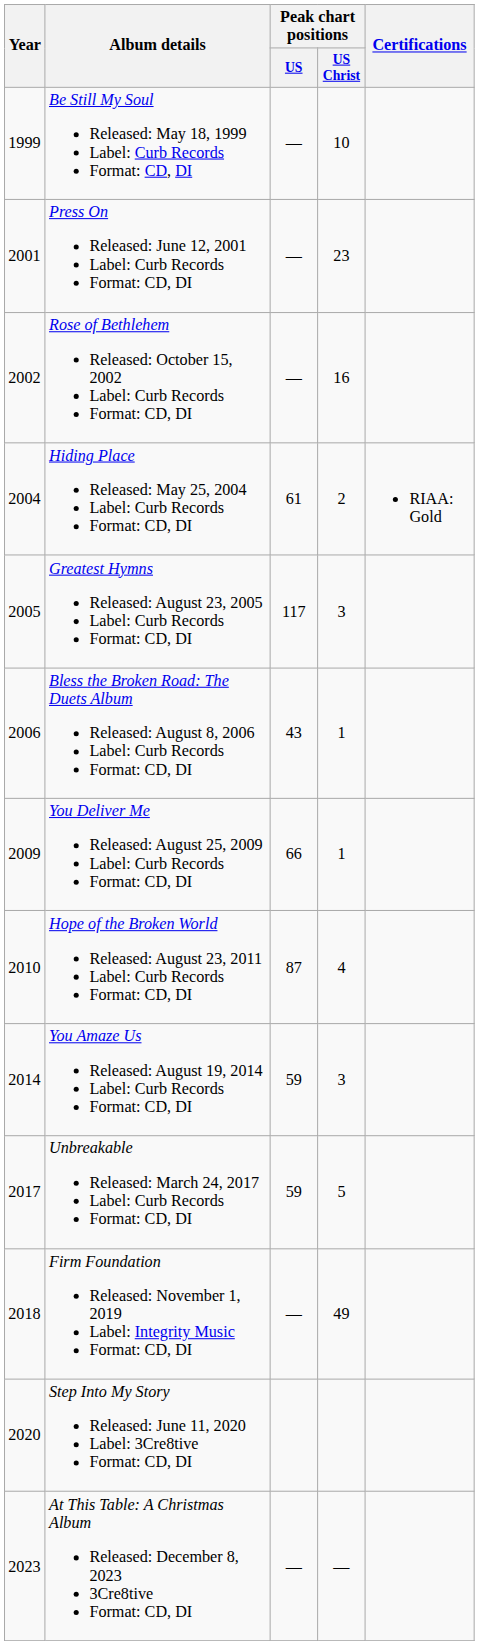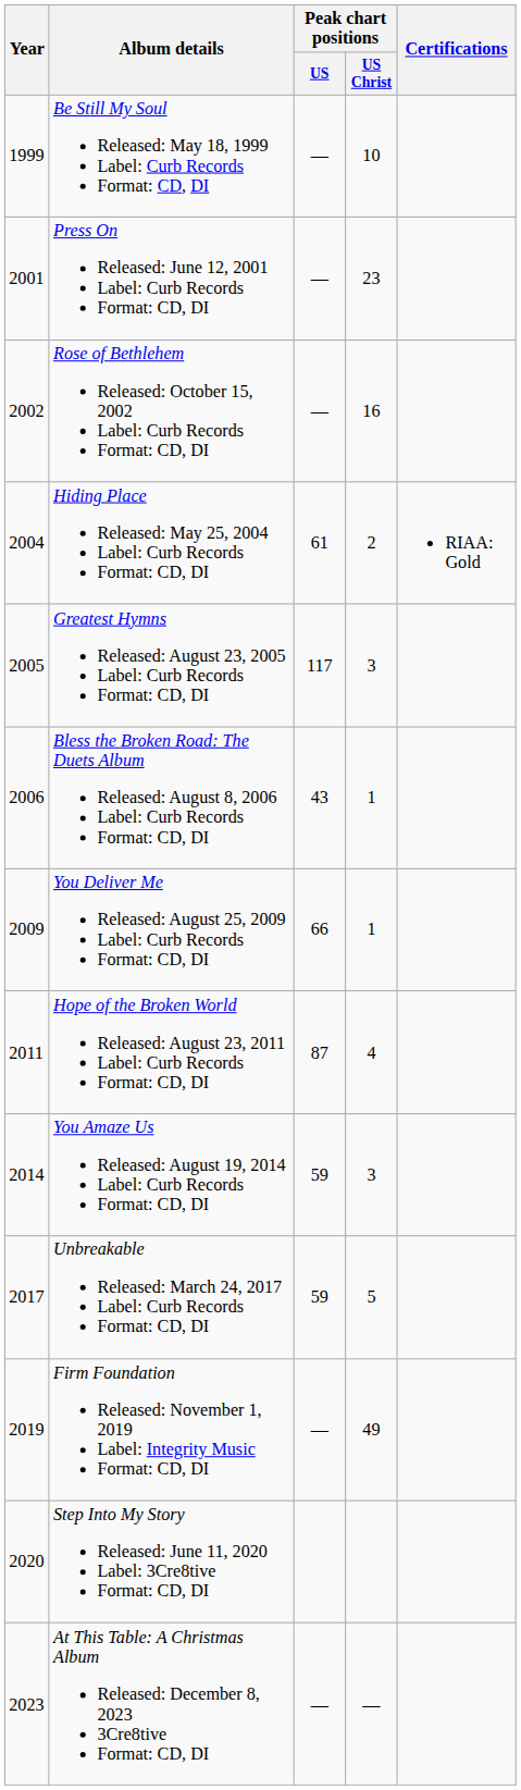 <table class="wikitable">
 <tr>
 <th rowspan="2" width="33">Year</th>
 <th rowspan="2" width="215">Album details</th>
 <th colspan="2">Peak chart positions</th>
 <th rowspan="2" width="100"><a href='#'>Certifications</a></th>
 </tr>
 <tr>
 <th scope="col" style="width:3em;font-size:85%;"><a href='#'>US</a><br></th>
 <th scope="col" style="width:3em;font-size:85%;"><a href='#'>US<br> Christ</a><br></th>
 </tr>
 <tr>
 <td>1999</td>
 <td><em><a href='#'>Be Still My Soul</a></em><br><ul><li>Released: May 18, 1999</li><li>Label: <a href='#'>Curb Records</a></li><li>Format: <a href='#'>CD</a>, <a href='#'>DI</a></li></ul></td>
 <td align="center">—</td>
 <td align="center">10</td>
 <td></td>
 </tr>
 <tr>
 <td>2001</td>
 <td><em><a href='#'>Press On</a></em><br><ul><li>Released: June 12, 2001</li><li>Label: Curb Records</li><li>Format: CD, DI</li></ul></td>
 <td align="center">—</td>
 <td align="center">23</td>
 <td></td>
 </tr>
 <tr>
 <td>2002</td>
 <td><em><a href='#'>Rose of Bethlehem</a></em><br><ul><li>Released: October 15, 2002</li><li>Label: Curb Records</li><li>Format: CD, DI</li></ul></td>
 <td align="center">—</td>
 <td align="center">16</td>
 <td></td>
 </tr>
 <tr>
 <td>2004</td>
 <td><em><a href='#'>Hiding Place</a></em><br><ul><li>Released: May 25, 2004</li><li>Label: Curb Records</li><li>Format: CD, DI</li></ul></td>
 <td align="center">61</td>
 <td align="center">2</td>
 <td><br><ul><li>RIAA: Gold</li></ul></td>
 </tr>
 <tr>
 <td>2005</td>
 <td><em><a href='#'>Greatest Hymns</a></em><br><ul><li>Released: August 23, 2005</li><li>Label: Curb Records</li><li>Format: CD, DI</li></ul></td>
 <td align="center">117</td>
 <td align="center">3</td>
 <td></td>
 </tr>
 <tr>
 <td>2006</td>
 <td><em><a href='#'>Bless the Broken Road: The Duets Album</a></em><br><ul><li>Released: August 8, 2006</li><li>Label: Curb Records</li><li>Format: CD, DI</li></ul></td>
 <td align="center">43</td>
 <td align="center">1</td>
 <td></td>
 </tr>
 <tr>
 <td>2009</td>
 <td><em><a href='#'>You Deliver Me</a></em><br><ul><li>Released: August 25, 2009</li><li>Label: Curb Records</li><li>Format: CD, DI</li></ul></td>
 <td align="center">66</td>
 <td align="center">1</td>
 <td></td>
 </tr>
 <tr>
-<td>2010</td>
+<td>2011</td>
 <td><em><a href='#'>Hope of the Broken World</a></em><br><ul><li>Released: August 23, 2011</li><li>Label: Curb Records</li><li>Format: CD, DI</li></ul></td>
 <td align="center">87</td>
 <td align="center">4</td>
 <td></td>
 </tr>
 <tr>
 <td>2014</td>
 <td><em><a href='#'>You Amaze Us</a></em><br><ul><li>Released: August 19, 2014</li><li>Label: Curb Records</li><li>Format: CD, DI</li></ul></td>
 <td align="center">59</td>
 <td align="center">3</td>
 <td></td>
 </tr>
 <tr>
 <td>2017</td>
 <td><em>Unbreakable</em><br><ul><li>Released: March 24, 2017</li><li>Label: Curb Records</li><li>Format: CD, DI</li></ul></td>
 <td align="center">59</td>
 <td align="center">5</td>
 <td></td>
 </tr>
 <tr>
-<td>2018</td>
+<td>2019</td>
 <td><em>Firm Foundation</em><br><ul><li>Released: November 1, 2019</li><li>Label: <a href='#'>Integrity Music</a></li><li>Format: CD, DI</li></ul></td>
 <td align="center">—</td>
 <td align="center">49</td>
 <td></td>
 </tr>
 <tr>
 <td>2020</td>
 <td><em>Step Into My Story</em><br><ul><li>Released: June 11, 2020</li><li>Label: 3Cre8tive</li><li>Format: CD, DI</li></ul></td>
 <td align="center"></td>
 <td align="center"></td>
 <td></td>
 </tr>
 <tr>
 <td>2023</td>
 <td><em>At This Table: A Christmas Album</em><br><ul><li>Released: December 8, 2023</li><li>3Cre8tive</li><li>Format: CD, DI</li></ul></td>
 <td align="center">—</td>
 <td align="center">—</td>
 <td></td>
 </tr>
 </table>
